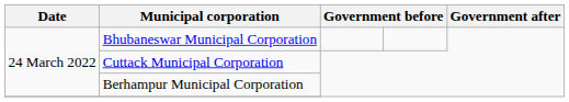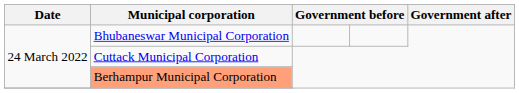 <table class="wikitable sortable">
 <tr>
 <th>Date</th>
 <th>Municipal corporation</th>
 <th colspan=2>Government before</th>
 <th colspan=2>Government after</th>
 </tr>
 <tr>
 <td rowspan="3">24 March 2022</td>
 <td><a href='#'>Bhubaneswar Municipal Corporation</a></td>
 <td></td>
 <td></td>
 </tr>
 <tr>
 <td><a href='#'>Cuttack Municipal Corporation</a></td>
 </tr>
 <tr>
-<td>Berhampur Municipal Corporation</td>
+<td style="background: lightsalmon;">Berhampur Municipal Corporation</td>
 </tr>
 <tr>
 </tr>
 </table>
